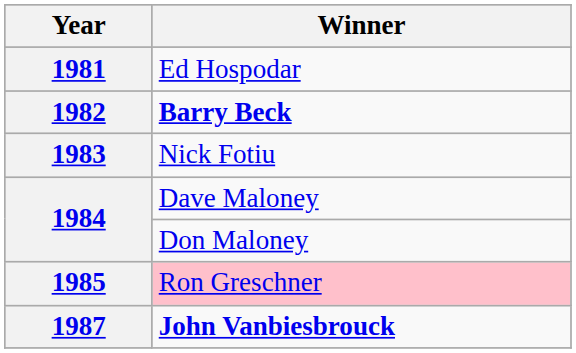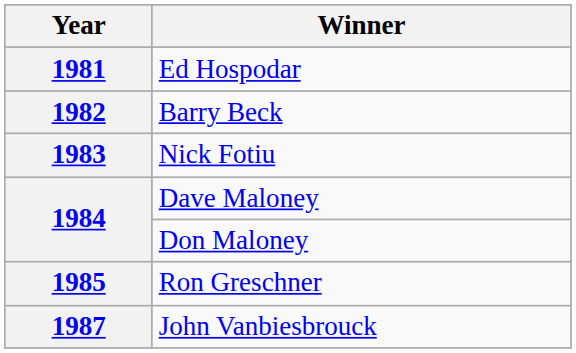 <table class="wikitable">
 <tr>
 <th scope="col" style="width:5em">Year</th>
 <th scope="col" style="width:15em">Winner</th>
 </tr>
 <tr>
 <th scope="row"><a href='#'>1981</a></th>
 <td><a href='#'>Ed Hospodar</a></td>
 </tr>
 <tr>
 <th scope="row"><a href='#'>1982</a></th>
-<td><strong><a href='#'>Barry Beck</a></strong></td>
+<td><a href='#'>Barry Beck</a></td>
 </tr>
 <tr>
 <th scope="row"><a href='#'>1983</a></th>
 <td><a href='#'>Nick Fotiu</a></td>
 </tr>
 <tr>
 <th scope="row" rowspan="2"><a href='#'>1984</a></th>
 <td><a href='#'>Dave Maloney</a></td>
 </tr>
 <tr>
 <td><a href='#'>Don Maloney</a></td>
 </tr>
 <tr>
 <th scope="row"><a href='#'>1985</a></th>
-<td style="background: pink;"><a href='#'>Ron Greschner</a></td>
+<td><a href='#'>Ron Greschner</a></td>
 </tr>
 <tr>
 <th scope="row"><a href='#'>1987</a></th>
-<td><strong><a href='#'>John Vanbiesbrouck</a></strong></td>
+<td><a href='#'>John Vanbiesbrouck</a></td>
 </tr>
 </table>
